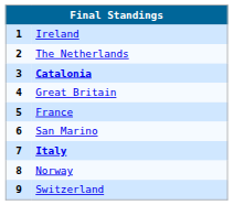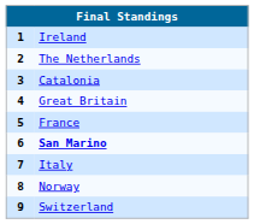 <table align=center cellpadding="4" cellspacing="0" style="background: #f9f9f9; border: 1px #aaa solid; border-collapse: collapse; font-size: 90%;" width=20%>
 <tr align=center style="background:#006699; color:white;">
 <th width=100% colspan=2>Final Standings</th>
 </tr>
 <tr align=center style="background:#D0E7FF;">
 <td><strong>1</strong></td>
 <td align=left> <a href='#'>Ireland</a></td>
 </tr>
 <tr align=center style="background:#F5FAFF;">
 <td><strong>2</strong></td>
 <td align=left> <a href='#'>The Netherlands</a></td>
 </tr>
 <tr align=center style="background:#D0E7FF;">
 <td><strong>3</strong></td>
-<td align=left><strong> <a href='#'>Catalonia</a></strong></td>
+<td align=left> <a href='#'>Catalonia</a></td>
 </tr>
 <tr align=center style="background:#F5FAFF;">
 <td><strong>4</strong></td>
 <td align=left> <a href='#'>Great Britain</a></td>
 </tr>
 <tr align=center style="background:#D0E7FF;">
 <td><strong>5</strong></td>
 <td align=left> <a href='#'>France</a></td>
 </tr>
 <tr align=center style="background:#F5FAFF;">
 <td><strong>6</strong></td>
-<td align=left> <a href='#'>San Marino</a></td>
+<td align=left><strong> <a href='#'>San Marino</a></strong></td>
 </tr>
 <tr align=center style="background:#D0E7FF;">
 <td><strong>7</strong></td>
-<td align=left><strong> <a href='#'>Italy</a></strong></td>
+<td align=left> <a href='#'>Italy</a></td>
 </tr>
 <tr align=center style="background:#F5FAFF;">
 <td><strong>8</strong></td>
 <td align=left> <a href='#'>Norway</a></td>
 </tr>
 <tr align=center style="background:#D0E7FF;">
 <td><strong>9</strong></td>
 <td align=left> <a href='#'>Switzerland</a></td>
 </tr>
 </table>
